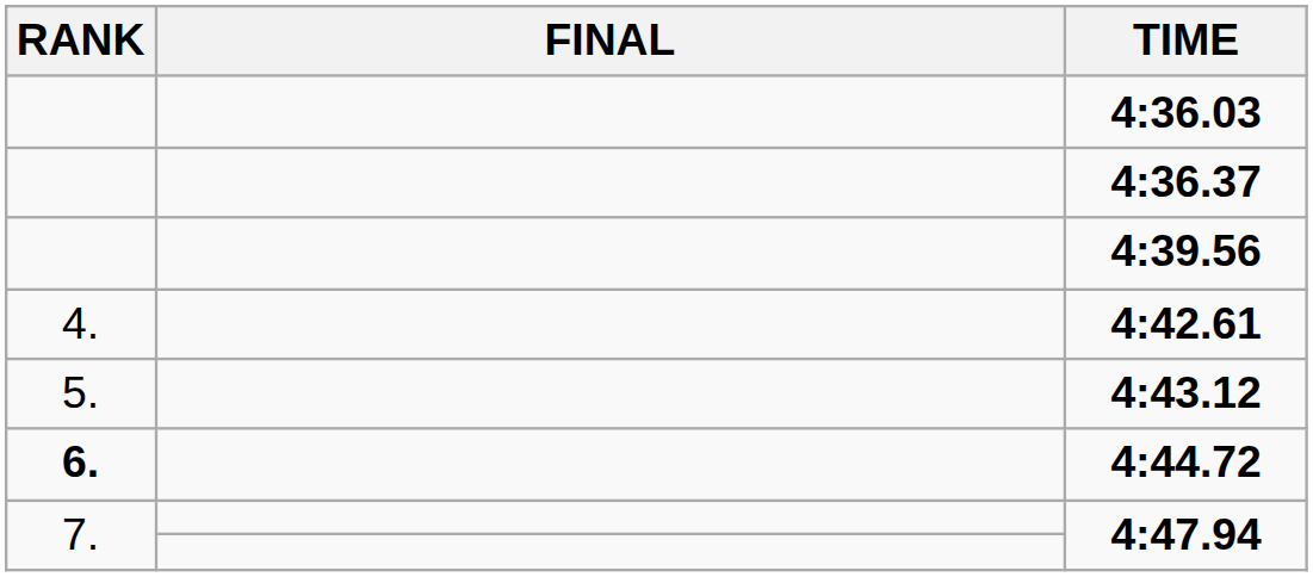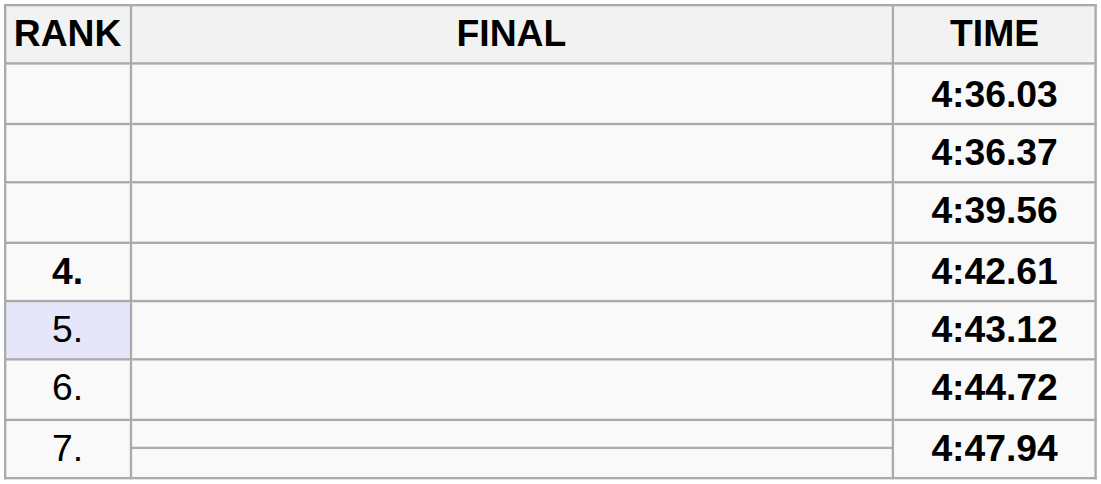 <table class="wikitable">
 <tr>
 <th>RANK</th>
 <th style="width: 20em">FINAL</th>
 <th style="width: 5em">TIME</th>
 </tr>
 <tr>
 <td align="center"></td>
 <td></td>
 <td align="center"><strong>4:36.03</strong></td>
 </tr>
 <tr>
 <td align="center"></td>
 <td></td>
 <td align="center"><strong>4:36.37</strong></td>
 </tr>
 <tr>
 <td align="center"></td>
 <td></td>
 <td align="center"><strong>4:39.56</strong></td>
 </tr>
 <tr>
-<td align="center">4.</td>
+<td align="center"><strong>4.</strong></td>
 <td></td>
 <td align="center"><strong>4:42.61</strong></td>
 </tr>
 <tr>
-<td align="center">5.</td>
+<td align="center" style="background: lavender;">5.</td>
 <td></td>
 <td align="center"><strong>4:43.12</strong></td>
 </tr>
 <tr>
-<td align="center"><strong>6.</strong></td>
+<td align="center">6.</td>
 <td></td>
 <td align="center"><strong>4:44.72</strong></td>
 </tr>
 <tr>
 <td rowspan=2 align="center">7.</td>
 <td></td>
 <td rowspan=2 align="center"><strong>4:47.94</strong></td>
 </tr>
 <tr>
 <td></td>
 </tr>
 </table>
